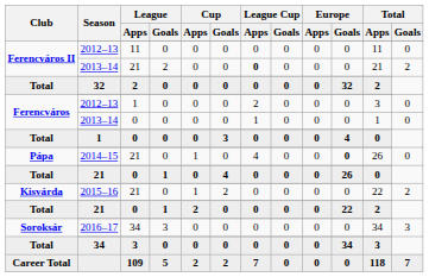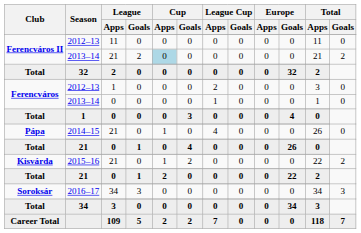 <table class="wikitable" style="font-size:90%; text-align: center;">
 <tr>
 <th rowspan="2">Club</th>
 <th rowspan="2">Season</th>
 <th colspan="2">League</th>
 <th colspan="2">Cup</th>
 <th colspan="2">League Cup</th>
 <th colspan="2">Europe</th>
 <th colspan="2">Total</th>
 </tr>
 <tr>
 <th>Apps</th>
 <th>Goals</th>
 <th>Apps</th>
 <th>Goals</th>
 <th>Apps</th>
 <th>Goals</th>
 <th>Apps</th>
 <th>Goals</th>
 <th>Apps</th>
 <th>Goals</th>
 </tr>
 <tr ||-||-||-|->
 <td rowspan="4" valign="center"><strong><a href='#'>Ferencváros II</a></strong></td>
 </tr>
 <tr>
 <td><a href='#'>2012–13</a></td>
 <td>11</td>
 <td>0</td>
 <td>0</td>
 <td>0</td>
 <td>0</td>
 <td>0</td>
 <td>0</td>
 <td>0</td>
 <td>11</td>
 <td>0</td>
 </tr>
 <tr>
 <td><a href='#'>2013–14</a></td>
 <td>21</td>
 <td>2</td>
+<td style="background: lightblue;">0</td>
 <td>0</td>
 <td>0</td>
-<td><strong>0</strong></td>
 <td>0</td>
 <td>0</td>
 <td>0</td>
 <td>21</td>
 <td>2</td>
 </tr>
 <tr>
 </tr>
 <tr style="font-weight:bold; background-color:#eeeeee;">
 <td>Total</td>
 <td>32</td>
 <td>2</td>
 <td>0</td>
 <td>0</td>
 <td>0</td>
 <td>0</td>
 <td>0</td>
 <td>0</td>
 <td>32</td>
 <td>2</td>
 </tr>
 <tr>
 <td rowspan="4" valign="center"><strong><a href='#'>Ferencváros</a></strong></td>
 </tr>
 <tr>
 <td><a href='#'>2012–13</a></td>
 <td>1</td>
 <td>0</td>
 <td>0</td>
 <td>0</td>
 <td>2</td>
 <td>0</td>
 <td>0</td>
 <td>0</td>
 <td>3</td>
 <td>0</td>
 </tr>
 <tr>
 <td><a href='#'>2013–14</a></td>
 <td>0</td>
 <td>0</td>
 <td>0</td>
 <td>0</td>
 <td>1</td>
 <td>0</td>
 <td>0</td>
 <td>0</td>
 <td>1</td>
 <td>0</td>
 </tr>
 <tr>
 </tr>
 <tr style="font-weight:bold; background-color:#eeeeee;">
 <td>Total</td>
 <td>1</td>
 <td>0</td>
 <td>0</td>
 <td>0</td>
 <td>3</td>
 <td>0</td>
 <td>0</td>
 <td>0</td>
 <td>4</td>
 <td>0</td>
 </tr>
 <tr>
 <td rowspan="3" valign="center"><strong><a href='#'>Pápa</a></strong></td>
 </tr>
 <tr>
 <td><a href='#'>2014–15</a></td>
 <td>21</td>
 <td>0</td>
 <td>1</td>
 <td>0</td>
 <td>4</td>
 <td>0</td>
 <td>0</td>
-<td><strong>0</strong></td>
+<td>0</td>
 <td>26</td>
 <td>0</td>
 </tr>
 <tr>
 </tr>
 <tr style="font-weight:bold; background-color:#eeeeee;">
 <td>Total</td>
 <td>21</td>
 <td>0</td>
 <td>1</td>
 <td>0</td>
 <td>4</td>
 <td>0</td>
 <td>0</td>
 <td>0</td>
 <td>26</td>
 <td>0</td>
 </tr>
 <tr>
 <td rowspan="3" valign="center"><strong><a href='#'>Kisvárda</a></strong></td>
 </tr>
 <tr>
 <td><a href='#'>2015–16</a></td>
 <td>21</td>
 <td>0</td>
 <td>1</td>
 <td>2</td>
 <td>0</td>
 <td>0</td>
 <td>0</td>
 <td>0</td>
 <td>22</td>
 <td>2</td>
 </tr>
 <tr>
 </tr>
 <tr style="font-weight:bold; background-color:#eeeeee;">
 <td>Total</td>
 <td>21</td>
 <td>0</td>
 <td>1</td>
 <td>2</td>
 <td>0</td>
 <td>0</td>
 <td>0</td>
 <td>0</td>
 <td>22</td>
 <td>2</td>
 </tr>
 <tr>
 <td rowspan="3" valign="center"><strong><a href='#'>Soroksár</a></strong></td>
 </tr>
 <tr>
 <td><a href='#'>2016–17</a></td>
 <td>34</td>
 <td>3</td>
 <td>0</td>
 <td>0</td>
 <td>0</td>
 <td>0</td>
 <td>0</td>
 <td>0</td>
 <td>34</td>
 <td>3</td>
 </tr>
 <tr>
 </tr>
 <tr style="font-weight:bold; background-color:#eeeeee;">
 <td>Total</td>
 <td>34</td>
 <td>3</td>
 <td>0</td>
 <td>0</td>
 <td>0</td>
 <td>0</td>
 <td>0</td>
 <td>0</td>
 <td>34</td>
 <td>3</td>
 </tr>
 <tr style="font-weight:bold; background-color:#eeeeee;">
 <td rowspan="1" valign="top"><strong>Career Total</strong></td>
 <td></td>
 <td><strong>109</strong></td>
 <td><strong>5</strong></td>
 <td><strong>2</strong></td>
 <td><strong>2</strong></td>
 <td><strong>7</strong></td>
 <td><strong>0</strong></td>
 <td><strong>0</strong></td>
 <td><strong>0</strong></td>
 <td><strong>118</strong></td>
 <td><strong>7</strong></td>
 </tr>
 </table>
